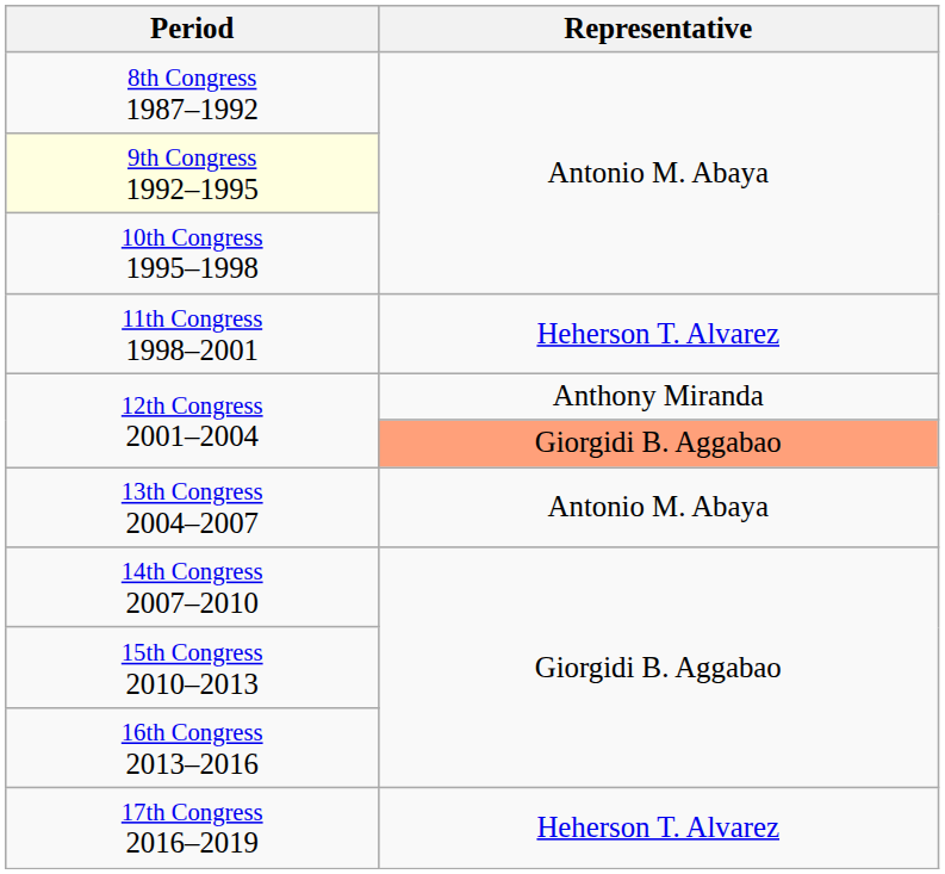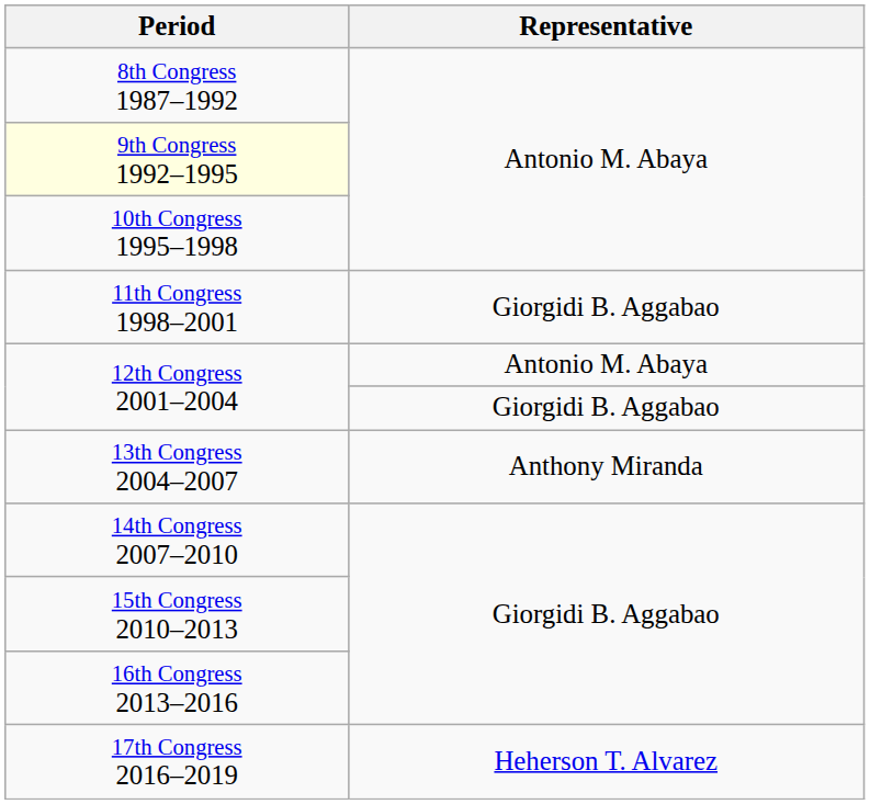 <table class="wikitable" style="text-align:center; width:40%;">
 <tr>
 <th width="40%">Period</th>
 <th>Representative</th>
 </tr>
 <tr>
 <td><small><a href='#'>8th Congress</a></small><br>1987–1992</td>
 <td rowspan="3">Antonio M. Abaya</td>
 </tr>
 <tr>
 <td style="background: lightyellow;"><small><a href='#'>9th Congress</a></small><br>1992–1995</td>
 </tr>
 <tr>
 <td><small><a href='#'>10th Congress</a></small><br>1995–1998</td>
 </tr>
 <tr>
 <td><small><a href='#'>11th Congress</a></small><br>1998–2001</td>
-<td><a href='#'>Heherson T. Alvarez</a></td>
+<td>Giorgidi B. Aggabao</td>
 </tr>
 <tr>
 <td rowspan="2"><small><a href='#'>12th Congress</a></small><br>2001–2004</td>
-<td>Anthony Miranda</td>
+<td>Antonio M. Abaya</td>
 </tr>
 <tr>
-<td style="background: lightsalmon;">Giorgidi B. Aggabao</td>
+<td>Giorgidi B. Aggabao</td>
 </tr>
 <tr>
 <td><small><a href='#'>13th Congress</a></small><br>2004–2007</td>
-<td>Antonio M. Abaya</td>
+<td>Anthony Miranda</td>
 </tr>
 <tr>
 <td><small><a href='#'>14th Congress</a></small><br>2007–2010</td>
 <td rowspan="3">Giorgidi B. Aggabao</td>
 </tr>
 <tr>
 <td><small><a href='#'>15th Congress</a></small><br>2010–2013</td>
 </tr>
 <tr>
 <td><small><a href='#'>16th Congress</a></small><br>2013–2016</td>
 </tr>
 <tr>
 <td><small><a href='#'>17th Congress</a></small><br>2016–2019</td>
 <td><a href='#'>Heherson T. Alvarez</a></td>
 </tr>
 </table>
